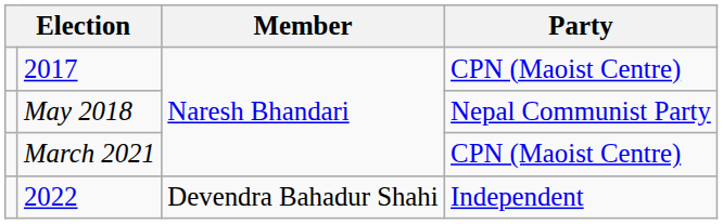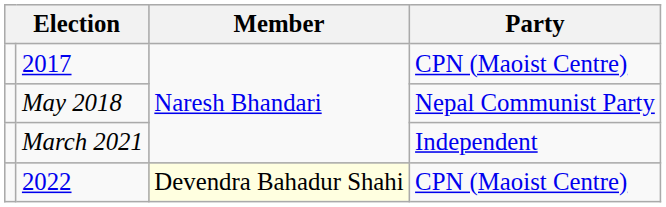 <table class="wikitable">
 <tr>
 <th colspan="2">Election</th>
 <th>Member</th>
 <th>Party</th>
 </tr>
 <tr>
 <td style="color:inherit;background:"></td>
 <td><a href='#'>2017</a></td>
 <td rowspan="3"><a href='#'>Naresh Bhandari</a></td>
 <td><a href='#'>CPN (Maoist Centre)</a></td>
 </tr>
 <tr>
 <td style="color:inherit;background:"></td>
 <td><em>May 2018</em></td>
 <td><a href='#'>Nepal Communist Party</a></td>
 </tr>
 <tr>
 <td style="color:inherit;background:"></td>
 <td><em>March 2021</em></td>
-<td><a href='#'>CPN (Maoist Centre)</a></td>
+<td><a href='#'>Independent</a></td>
 </tr>
 <tr>
 <td style="color:inherit;background:"></td>
 <td><a href='#'>2022</a></td>
-<td>Devendra Bahadur Shahi</td>
-<td><a href='#'>Independent</a></td>
+<td style="background: lightyellow;">Devendra Bahadur Shahi</td>
+<td><a href='#'>CPN (Maoist Centre)</a></td>
 </tr>
 </table>
